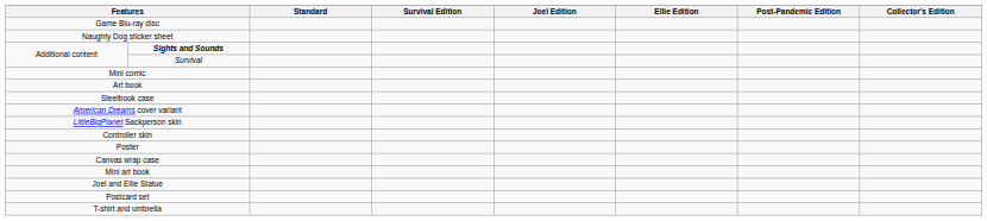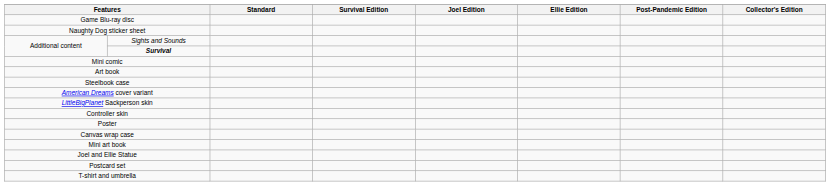 <table class="wikitable mw-collapsible mw-collapsed" style="font-size:x-small; margin-right:0; margin-bottom:0; margin-left:0.5em; margin-top:0; text-align:center; width:100%; table-layout:fixed;">
 <tr>
 </tr>
 <tr>
 <th colspan="2">Features</th>
 <th>Standard</th>
 <th>Survival Edition</th>
 <th>Joel Edition</th>
 <th>Ellie Edition</th>
 <th>Post-Pandemic Edition</th>
 <th>Collector's Edition</th>
 </tr>
 <tr>
 <td colspan="2">Game Blu-ray disc</td>
 <td></td>
 <td></td>
 <td></td>
 <td></td>
 <td></td>
 <td></td>
 </tr>
 <tr>
 <td colspan="2">Naughty Dog sticker sheet</td>
 <td></td>
 <td></td>
 <td></td>
 <td></td>
 <td></td>
 <td></td>
 </tr>
 <tr>
 <td rowspan="2">Additional content</td>
-<td><strong><em>Sights and Sounds</em></strong></td>
+<td><em>Sights and Sounds</em></td>
 <td></td>
 <td></td>
 <td></td>
 <td></td>
 <td></td>
 <td></td>
 </tr>
 <tr>
-<td><em>Survival</em></td>
+<td><strong><em>Survival</em></strong></td>
 <td></td>
 <td></td>
 <td></td>
 <td></td>
 <td></td>
 <td></td>
 </tr>
 <tr>
 <td colspan="2">Mini comic</td>
 <td></td>
 <td></td>
 <td></td>
 <td></td>
 <td></td>
 <td></td>
 </tr>
 <tr>
 <td colspan="2">Art book</td>
 <td></td>
 <td></td>
 <td></td>
 <td></td>
 <td></td>
 <td></td>
 </tr>
 <tr>
 <td colspan="2">Steelbook case</td>
 <td></td>
 <td></td>
 <td></td>
 <td></td>
 <td></td>
 <td></td>
 </tr>
 <tr>
 <td colspan="2"><em><a href='#'>American Dreams</a></em> cover variant</td>
 <td></td>
 <td></td>
 <td></td>
 <td></td>
 <td></td>
 <td></td>
 </tr>
 <tr>
 <td colspan="2"><em><a href='#'>LittleBigPlanet</a></em> Sackperson skin</td>
 <td></td>
 <td></td>
 <td></td>
 <td></td>
 <td></td>
 <td></td>
 </tr>
 <tr>
 <td colspan="2">Controller skin</td>
 <td></td>
 <td></td>
 <td></td>
 <td></td>
 <td></td>
 <td></td>
 </tr>
 <tr>
 <td colspan="2">Poster</td>
 <td></td>
 <td></td>
 <td></td>
 <td></td>
 <td></td>
 <td></td>
 </tr>
 <tr>
 <td colspan="2">Canvas wrap case</td>
 <td></td>
 <td></td>
 <td></td>
 <td></td>
 <td></td>
 <td></td>
 </tr>
 <tr>
 <td colspan="2">Mini art book</td>
 <td></td>
 <td></td>
 <td></td>
 <td></td>
 <td></td>
 <td></td>
 </tr>
 <tr>
 <td colspan="2">Joel and Ellie Statue</td>
 <td></td>
 <td></td>
 <td></td>
 <td></td>
 <td></td>
 <td></td>
 </tr>
 <tr>
 <td colspan="2">Postcard set</td>
 <td></td>
 <td></td>
 <td></td>
 <td></td>
 <td></td>
 <td></td>
 </tr>
 <tr>
 <td colspan="2">T-shirt and umbrella</td>
 <td></td>
 <td></td>
 <td></td>
 <td></td>
 <td></td>
 <td></td>
 </tr>
 </table>
